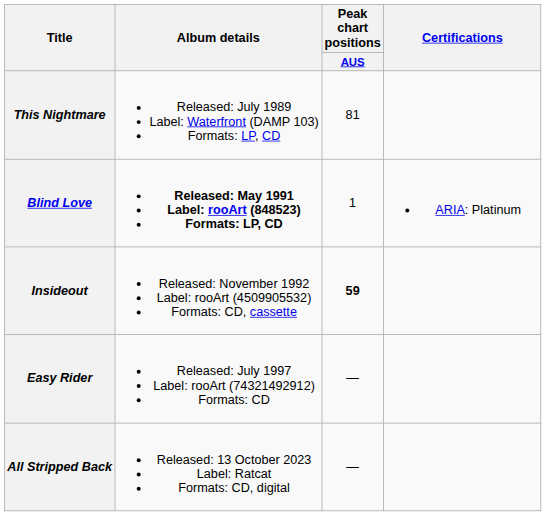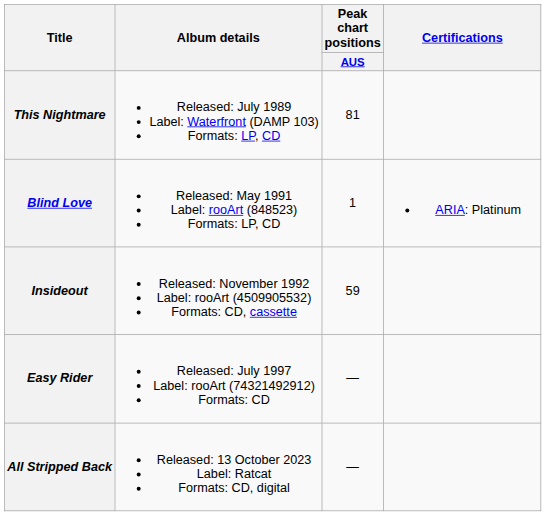 <table class="wikitable plainrowheaders" style="text-align:center;" border="1">
 <tr>
 <th scope="col" rowspan="2">Title</th>
 <th scope="col" rowspan="2">Album details</th>
 <th scope="col" colspan="1">Peak chart positions</th>
 <th scope="col" rowspan="2" style="width:12em;"><a href='#'>Certifications</a></th>
 </tr>
 <tr>
 <th scope="col" style="width:3em;font-size:90%;"><a href='#'>AUS</a><br></th>
 </tr>
 <tr>
 <th scope="row"><em>This Nightmare</em></th>
 <td><br><ul><li>Released: July 1989</li><li>Label: <a href='#'>Waterfront</a> (DAMP 103)</li><li>Formats: <a href='#'>LP</a>, <a href='#'>CD</a></li></ul></td>
 <td>81</td>
 <td></td>
 </tr>
 <tr>
 <th scope="row"><em><a href='#'>Blind Love</a></em></th>
-<td><strong><br><ul><li>Released: May 1991</li><li>Label: <a href='#'>rooArt</a> (848523)</li><li>Formats: LP, CD</li></ul></strong></td>
+<td><br><ul><li>Released: May 1991</li><li>Label: <a href='#'>rooArt</a> (848523)</li><li>Formats: LP, CD</li></ul></td>
 <td>1</td>
 <td><br><ul><li><a href='#'>ARIA</a>: Platinum</li></ul></td>
 </tr>
 <tr>
 <th scope="row"><em>Insideout</em></th>
 <td><br><ul><li>Released: November 1992</li><li>Label: rooArt (4509905532)</li><li>Formats: CD, <a href='#'>cassette</a></li></ul></td>
-<td><strong>59</strong></td>
+<td>59</td>
 <td></td>
 </tr>
 <tr>
 <th scope="row"><em>Easy Rider</em></th>
 <td><br><ul><li>Released: July 1997</li><li>Label: rooArt (74321492912)</li><li>Formats: CD</li></ul></td>
 <td>—</td>
 <td></td>
 </tr>
 <tr>
 <th scope="row"><em>All Stripped Back</em></th>
 <td><br><ul><li>Released: 13 October 2023</li><li>Label: Ratcat</li><li>Formats: CD, digital</li></ul></td>
 <td>—</td>
 <td></td>
 </tr>
 </table>
